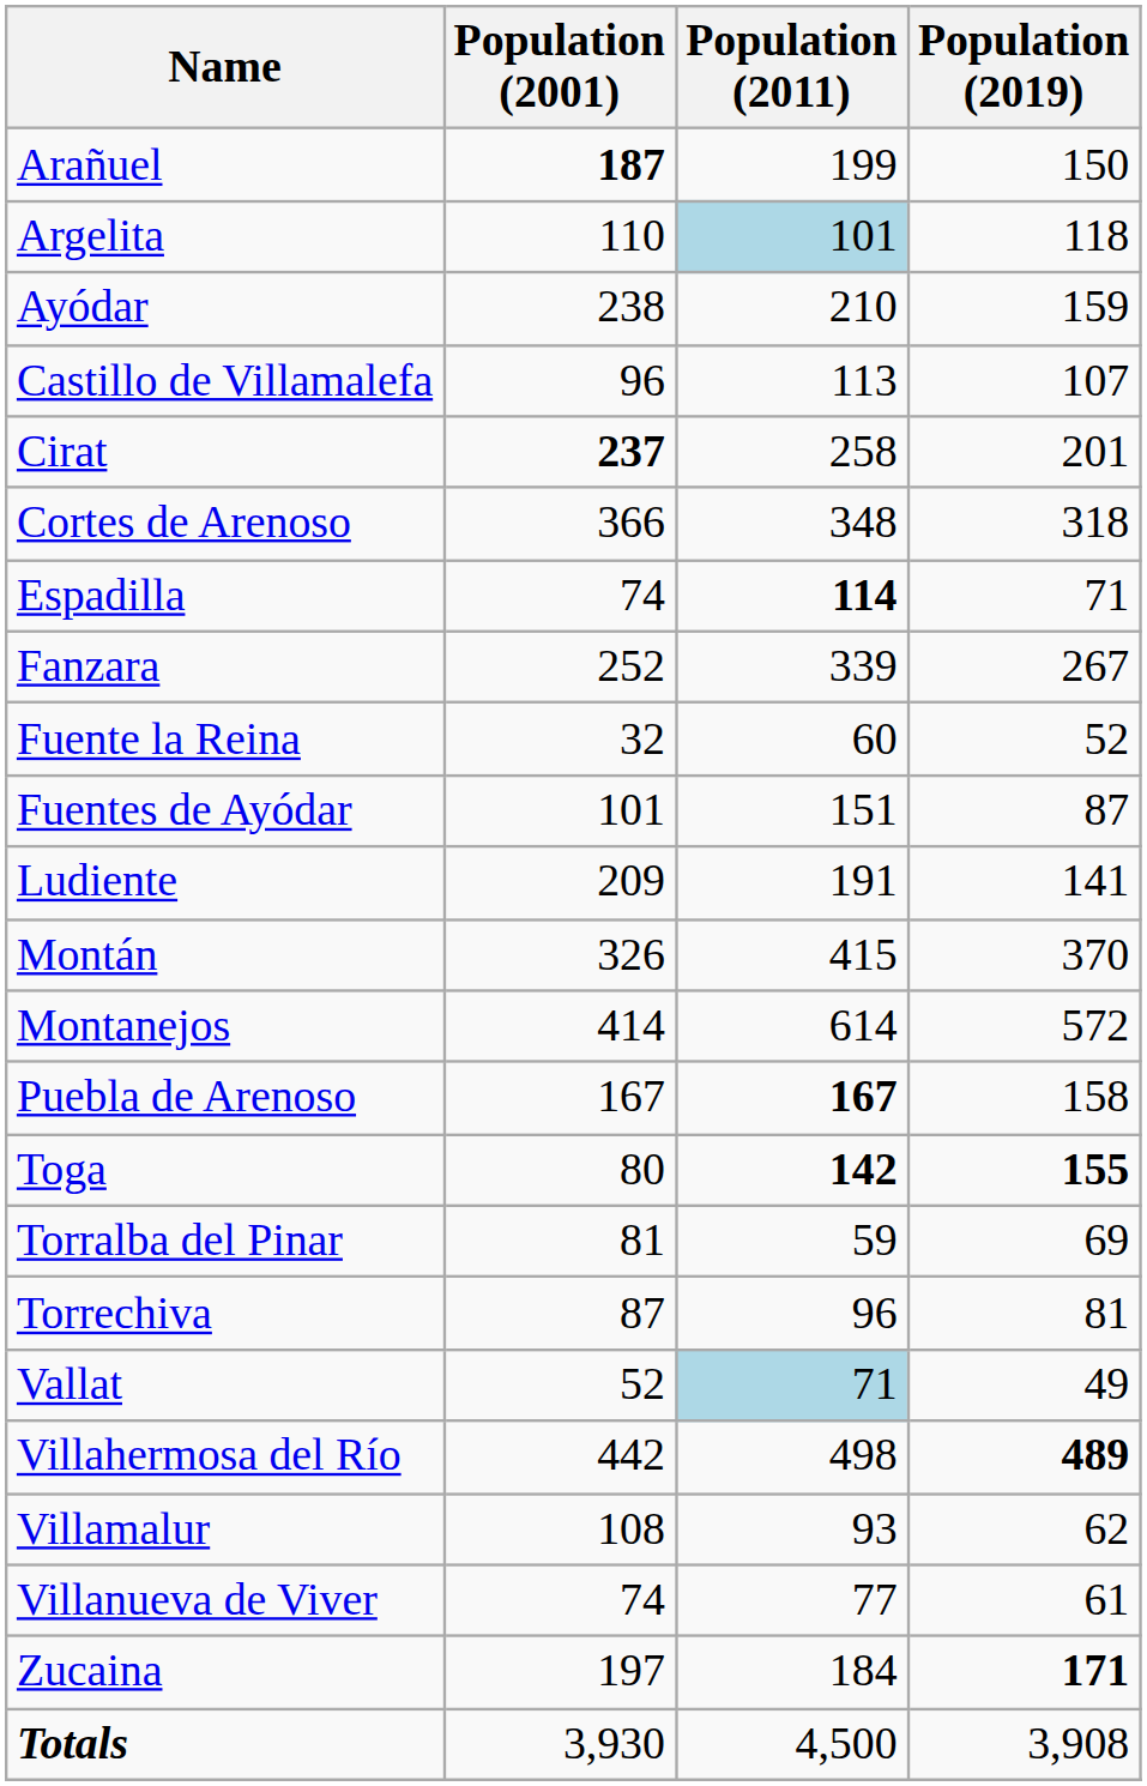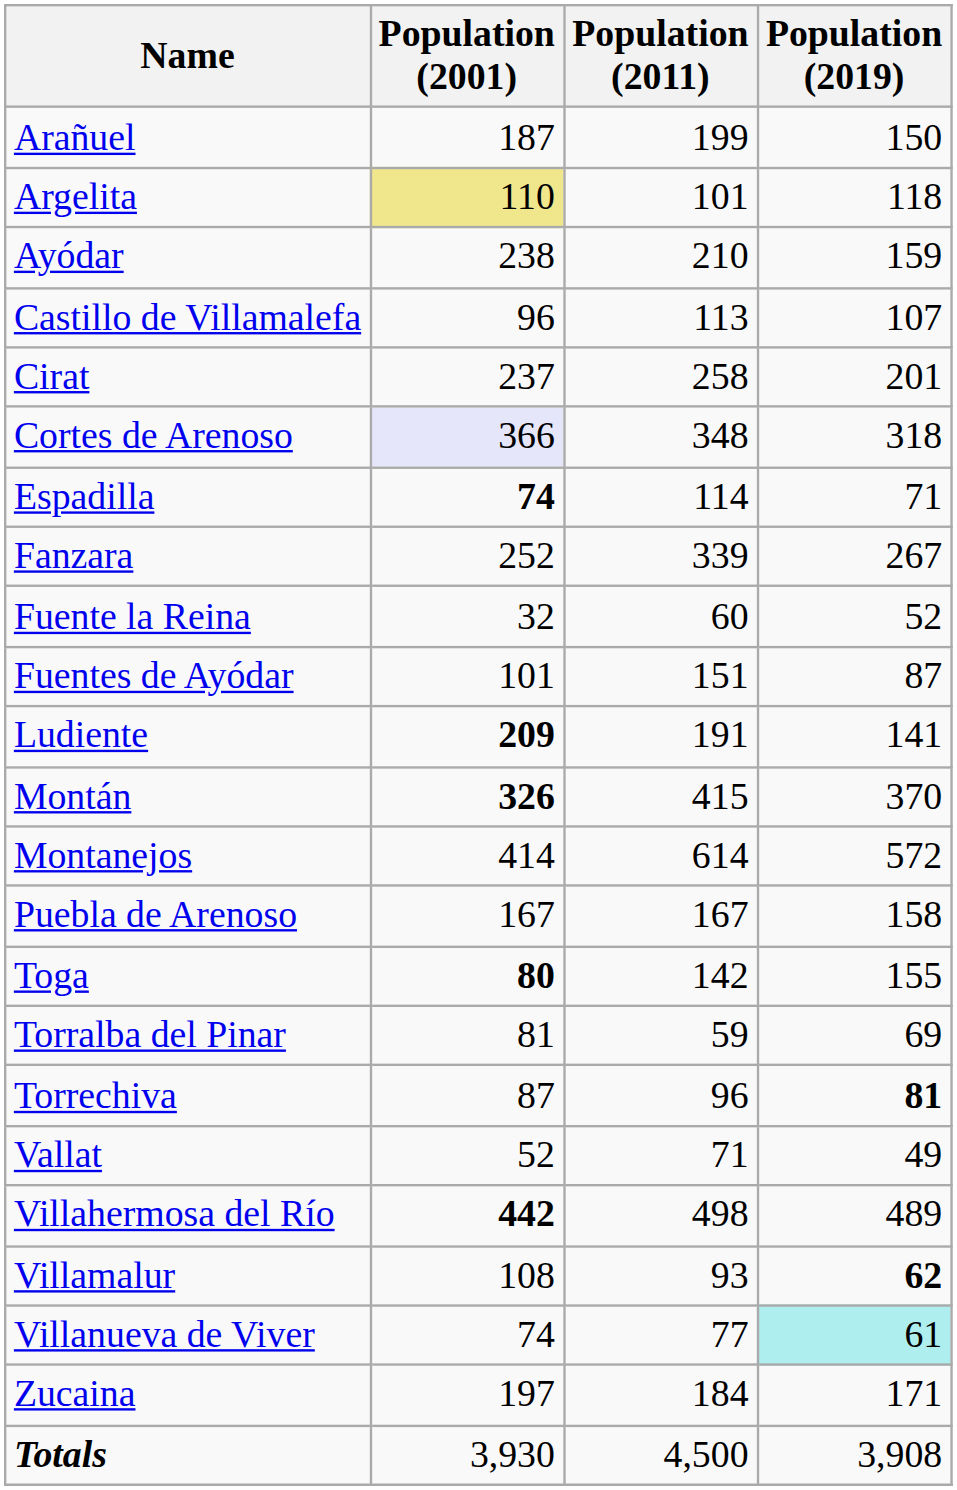 <table class="wikitable sortable">
 <tr>
 <th><strong>Name</strong></th>
 <th><strong>Population<br>(2001)</strong></th>
 <th><strong>Population<br>(2011)</strong></th>
 <th><strong>Population<br>(2019)</strong></th>
 </tr>
 <tr>
 <td><a href='#'>Arañuel</a></td>
-<td align=right><strong>187</strong></td>
+<td align=right>187</td>
 <td align=right>199</td>
 <td align=right>150</td>
 </tr>
 <tr>
 <td><a href='#'>Argelita</a></td>
-<td align=right>110</td>
-<td align=right style="background: lightblue;">101</td>
+<td align=right style="background: khaki;">110</td>
+<td align=right>101</td>
 <td align=right>118</td>
 </tr>
 <tr>
 <td><a href='#'>Ayódar</a></td>
 <td align=right>238</td>
 <td align=right>210</td>
 <td align=right>159</td>
 </tr>
 <tr>
 <td><a href='#'>Castillo de Villamalefa</a></td>
 <td align=right>96</td>
 <td align=right>113</td>
 <td align=right>107</td>
 </tr>
 <tr>
 <td><a href='#'>Cirat</a></td>
-<td align=right><strong>237</strong></td>
+<td align=right>237</td>
 <td align=right>258</td>
 <td align=right>201</td>
 </tr>
 <tr>
 <td><a href='#'>Cortes de Arenoso</a></td>
-<td align=right>366</td>
+<td align=right style="background: lavender;">366</td>
 <td align=right>348</td>
 <td align=right>318</td>
 </tr>
 <tr>
 <td><a href='#'>Espadilla</a></td>
-<td align=right>74</td>
-<td align=right><strong>114</strong></td>
+<td align=right><strong>74</strong></td>
+<td align=right>114</td>
 <td align=right>71</td>
 </tr>
 <tr>
 <td><a href='#'>Fanzara</a></td>
 <td align=right>252</td>
 <td align=right>339</td>
 <td align=right>267</td>
 </tr>
 <tr>
 <td><a href='#'>Fuente la Reina</a></td>
 <td align=right>32</td>
 <td align=right>60</td>
 <td align=right>52</td>
 </tr>
 <tr>
 <td><a href='#'>Fuentes de Ayódar</a></td>
 <td align=right>101</td>
 <td align=right>151</td>
 <td align=right>87</td>
 </tr>
 <tr>
 <td><a href='#'>Ludiente</a></td>
-<td align=right>209</td>
+<td align=right><strong>209</strong></td>
 <td align=right>191</td>
 <td align=right>141</td>
 </tr>
 <tr>
 <td><a href='#'>Montán</a></td>
-<td align=right>326</td>
+<td align=right><strong>326</strong></td>
 <td align=right>415</td>
 <td align=right>370</td>
 </tr>
 <tr>
 <td><a href='#'>Montanejos</a></td>
 <td align=right>414</td>
 <td align=right>614</td>
 <td align=right>572</td>
 </tr>
 <tr>
 <td><a href='#'>Puebla de Arenoso</a></td>
 <td align=right>167</td>
-<td align=right><strong>167</strong></td>
+<td align=right>167</td>
 <td align=right>158</td>
 </tr>
 <tr>
 <td><a href='#'>Toga</a></td>
-<td align=right>80</td>
-<td align=right><strong>142</strong></td>
-<td align=right><strong>155</strong></td>
+<td align=right><strong>80</strong></td>
+<td align=right>142</td>
+<td align=right>155</td>
 </tr>
 <tr>
 <td><a href='#'>Torralba del Pinar</a></td>
 <td align=right>81</td>
 <td align=right>59</td>
 <td align=right>69</td>
 </tr>
 <tr>
 <td><a href='#'>Torrechiva</a></td>
 <td align=right>87</td>
 <td align=right>96</td>
-<td align=right>81</td>
+<td align=right><strong>81</strong></td>
 </tr>
 <tr>
 <td><a href='#'>Vallat</a></td>
 <td align=right>52</td>
-<td align=right style="background: lightblue;">71</td>
+<td align=right>71</td>
 <td align=right>49</td>
 </tr>
 <tr>
 <td><a href='#'>Villahermosa del Río</a></td>
-<td align=right>442</td>
+<td align=right><strong>442</strong></td>
 <td align=right>498</td>
-<td align=right><strong>489</strong></td>
+<td align=right>489</td>
 </tr>
 <tr>
 <td><a href='#'>Villamalur</a></td>
 <td align=right>108</td>
 <td align=right>93</td>
-<td align=right>62</td>
+<td align=right><strong>62</strong></td>
 </tr>
 <tr>
 <td><a href='#'>Villanueva de Viver</a></td>
 <td align=right>74</td>
 <td align=right>77</td>
-<td align=right>61</td>
+<td align=right style="background: paleturquoise;">61</td>
 </tr>
 <tr>
 <td><a href='#'>Zucaina</a></td>
 <td align=right>197</td>
 <td align=right>184</td>
-<td align=right><strong>171</strong></td>
+<td align=right>171</td>
 </tr>
 <tr>
 <td><strong><em>Totals</em></strong></td>
 <td align=right>3,930</td>
 <td align=right>4,500</td>
 <td align=right>3,908</td>
 </tr>
 <tr>
 </tr>
 </table>
